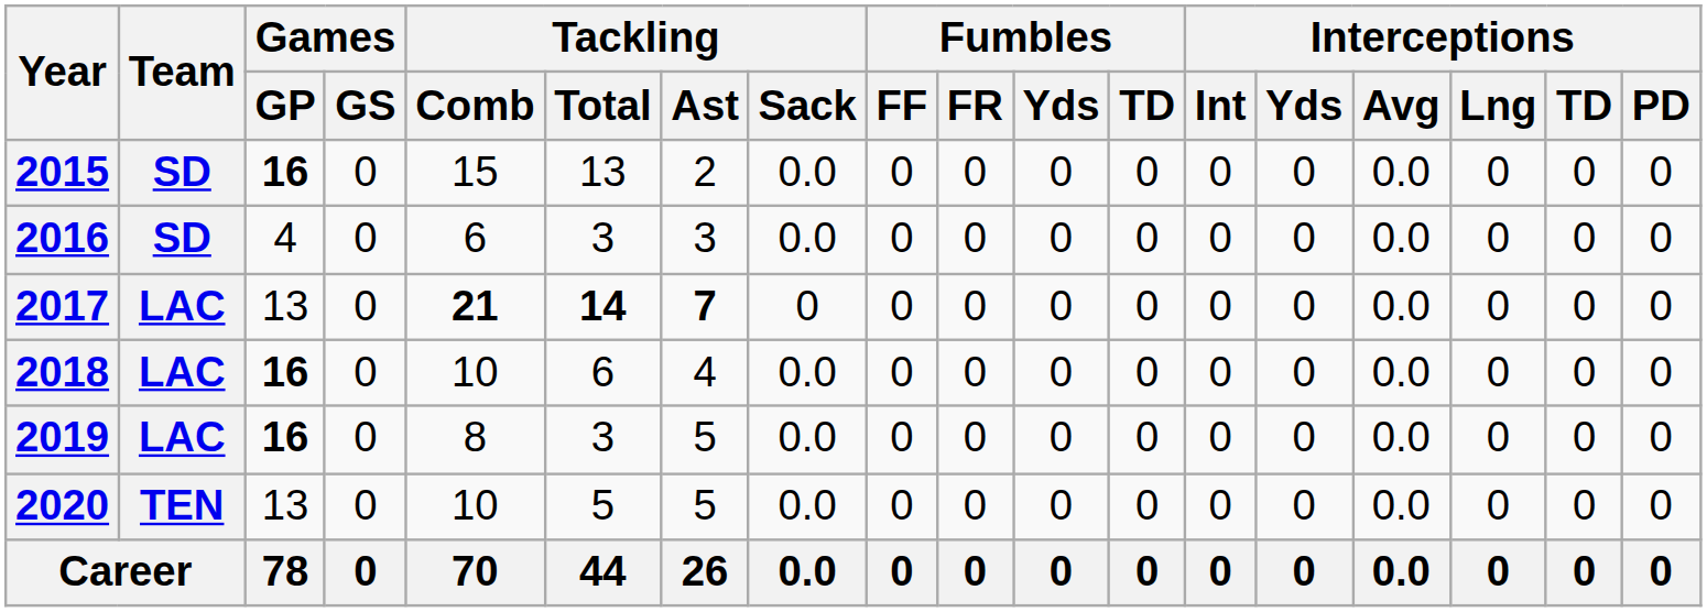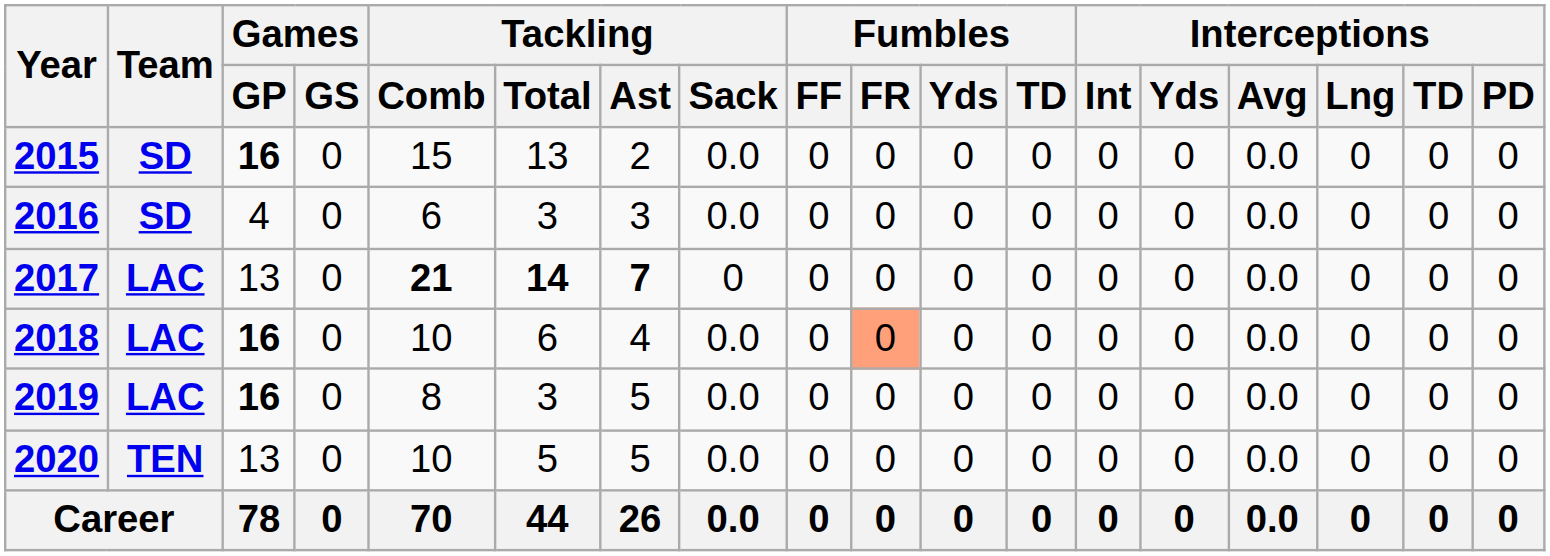 <table class= "wikitable" style="text-align:center;">
 <tr>
 <th rowspan="2">Year</th>
 <th rowspan="2">Team</th>
 <th colspan="2">Games</th>
 <th colspan="4">Tackling</th>
 <th colspan="4">Fumbles</th>
 <th colspan="6">Interceptions</th>
 </tr>
 <tr>
 <th>GP</th>
 <th>GS</th>
 <th>Comb</th>
 <th>Total</th>
 <th>Ast</th>
 <th>Sack</th>
 <th>FF</th>
 <th>FR</th>
 <th>Yds</th>
 <th>TD</th>
 <th>Int</th>
 <th>Yds</th>
 <th>Avg</th>
 <th>Lng</th>
 <th>TD</th>
 <th>PD</th>
 </tr>
 <tr>
 <th><a href='#'>2015</a></th>
 <th><a href='#'>SD</a></th>
 <td><strong>16</strong></td>
 <td>0</td>
 <td>15</td>
 <td>13</td>
 <td>2</td>
 <td>0.0</td>
 <td>0</td>
 <td>0</td>
 <td>0</td>
 <td>0</td>
 <td>0</td>
 <td>0</td>
 <td>0.0</td>
 <td>0</td>
 <td>0</td>
 <td>0</td>
 </tr>
 <tr>
 <th><a href='#'>2016</a></th>
 <th><a href='#'>SD</a></th>
 <td>4</td>
 <td>0</td>
 <td>6</td>
 <td>3</td>
 <td>3</td>
 <td>0.0</td>
 <td>0</td>
 <td>0</td>
 <td>0</td>
 <td>0</td>
 <td>0</td>
 <td>0</td>
 <td>0.0</td>
 <td>0</td>
 <td>0</td>
 <td>0</td>
 </tr>
 <tr>
 <th><a href='#'>2017</a></th>
 <th><a href='#'>LAC</a></th>
 <td>13</td>
 <td>0</td>
 <td><strong>21</strong></td>
 <td><strong>14</strong></td>
 <td><strong>7</strong></td>
 <td>0</td>
 <td>0</td>
 <td>0</td>
 <td>0</td>
 <td>0</td>
 <td>0</td>
 <td>0</td>
 <td>0.0</td>
 <td>0</td>
 <td>0</td>
 <td>0</td>
 </tr>
 <tr>
 <th><a href='#'>2018</a></th>
 <th><a href='#'>LAC</a></th>
 <td><strong>16</strong></td>
 <td>0</td>
 <td>10</td>
 <td>6</td>
 <td>4</td>
 <td>0.0</td>
 <td>0</td>
-<td>0</td>
+<td style="background: lightsalmon;">0</td>
 <td>0</td>
 <td>0</td>
 <td>0</td>
 <td>0</td>
 <td>0.0</td>
 <td>0</td>
 <td>0</td>
 <td>0</td>
 </tr>
 <tr>
 <th><a href='#'>2019</a></th>
 <th><a href='#'>LAC</a></th>
 <td><strong>16</strong></td>
 <td>0</td>
 <td>8</td>
 <td>3</td>
 <td>5</td>
 <td>0.0</td>
 <td>0</td>
 <td>0</td>
 <td>0</td>
 <td>0</td>
 <td>0</td>
 <td>0</td>
 <td>0.0</td>
 <td>0</td>
 <td>0</td>
 <td>0</td>
 </tr>
 <tr>
 <th><a href='#'>2020</a></th>
 <th><a href='#'>TEN</a></th>
 <td>13</td>
 <td>0</td>
 <td>10</td>
 <td>5</td>
 <td>5</td>
 <td>0.0</td>
 <td>0</td>
 <td>0</td>
 <td>0</td>
 <td>0</td>
 <td>0</td>
 <td>0</td>
 <td>0.0</td>
 <td>0</td>
 <td>0</td>
 <td>0</td>
 </tr>
 <tr>
 <th colspan="2">Career</th>
 <th>78</th>
 <th>0</th>
 <th>70</th>
 <th>44</th>
 <th>26</th>
 <th>0.0</th>
 <th>0</th>
 <th>0</th>
 <th>0</th>
 <th>0</th>
 <th>0</th>
 <th>0</th>
 <th>0.0</th>
 <th>0</th>
 <th>0</th>
 <th>0</th>
 </tr>
 </table>
